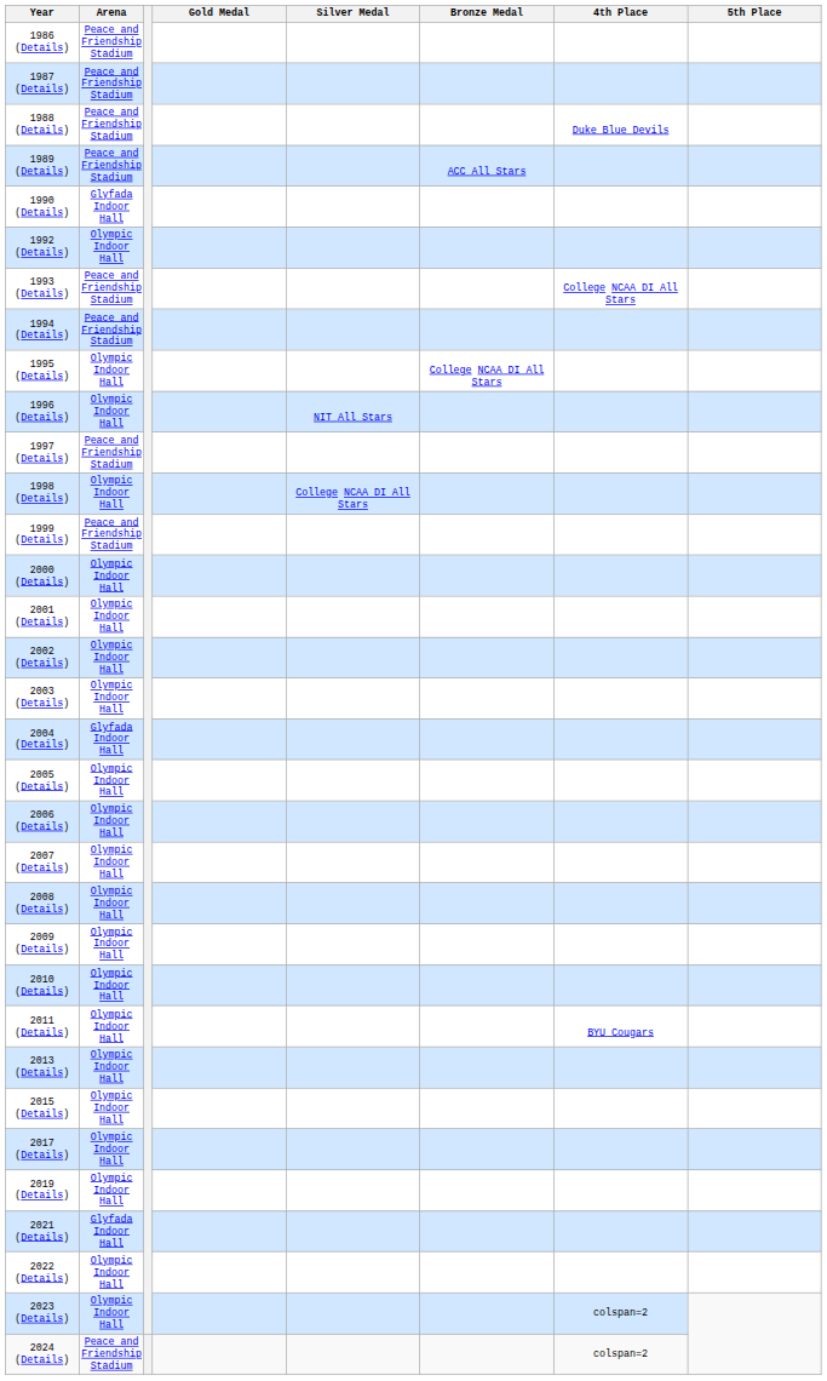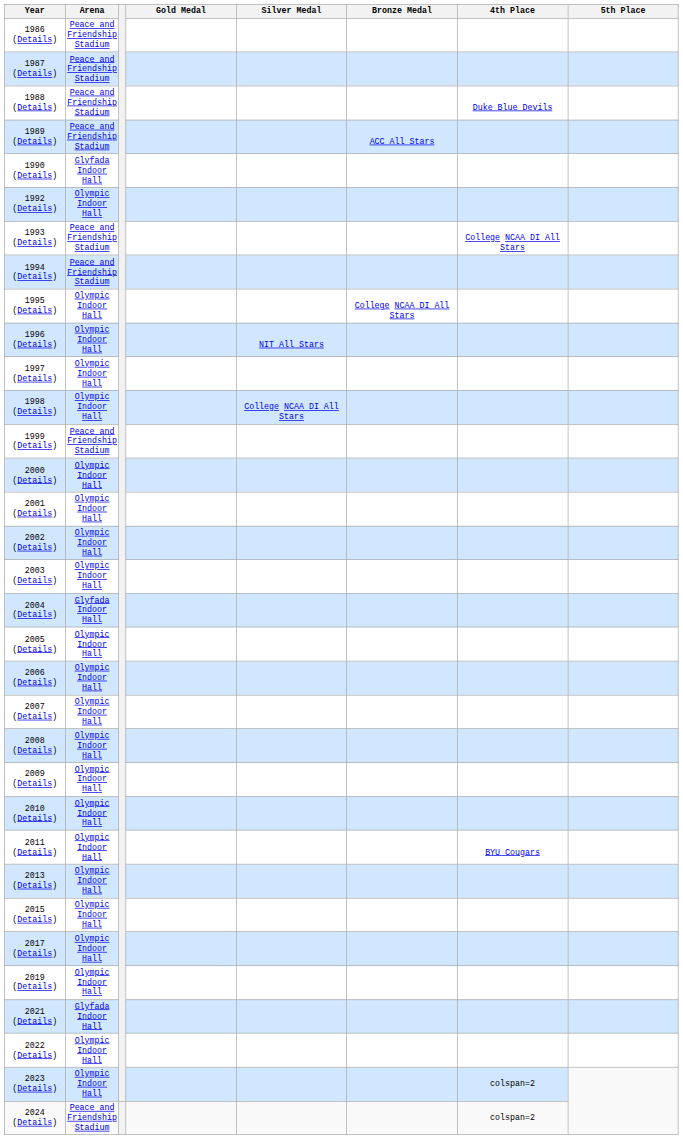 <table class=wikitable style="text-align:center; font-size:90%; ">
 <tr>
 <th width=80>Year</th>
 <th width=60>Arena</th>
 <th rowspan=33 width=1%></th>
 <th width=150>Gold Medal</th>
 <th width=150>Silver Medal</th>
 <th width=150>Bronze Medal</th>
 <th width=150>4th Place</th>
 <th width=150>5th Place</th>
 </tr>
 <tr bgcolor=white>
 <td style="text-align: center;">1986<br>(<a href='#'>Details</a>)</td>
 <td><a href='#'>Peace and Friendship Stadium</a></td>
 <td><strong></strong></td>
 <td></td>
 <td></td>
 <td></td>
 <td></td>
 </tr>
 <tr bgcolor=#D0E7FF>
 <td style="text-align: center;">1987<br>(<a href='#'>Details</a>)</td>
 <td><a href='#'>Peace and Friendship Stadium</a></td>
 <td><strong></strong></td>
 <td></td>
 <td></td>
 <td></td>
 <td></td>
 </tr>
 <tr bgcolor=white>
 <td style="text-align: center;">1988<br>(<a href='#'>Details</a>)</td>
 <td><a href='#'>Peace and Friendship Stadium</a></td>
 <td><strong></strong></td>
 <td></td>
 <td></td>
 <td><br><a href='#'>Duke Blue Devils</a></td>
 <td></td>
 </tr>
 <tr bgcolor=#D0E7FF>
 <td style="text-align: center;">1989<br>(<a href='#'>Details</a>)</td>
 <td><a href='#'>Peace and Friendship Stadium</a></td>
 <td><strong></strong></td>
 <td></td>
 <td><br><a href='#'>ACC All Stars</a></td>
 <td></td>
 <td></td>
 </tr>
 <tr bgcolor=white>
 <td style="text-align: center;">1990<br>(<a href='#'>Details</a>)</td>
 <td><a href='#'>Glyfada Indoor Hall</a></td>
 <td><strong></strong></td>
 <td></td>
 <td></td>
 <td></td>
 <td></td>
 </tr>
 <tr bgcolor=#D0E7FF>
 <td style="text-align: center;">1992<br>(<a href='#'>Details</a>)</td>
 <td><a href='#'>Olympic Indoor Hall</a></td>
 <td><strong></strong></td>
 <td></td>
 <td></td>
 <td></td>
 <td></td>
 </tr>
 <tr bgcolor=white>
 <td style="text-align: center;">1993<br>(<a href='#'>Details</a>)</td>
 <td><a href='#'>Peace and Friendship Stadium</a></td>
 <td><strong></strong></td>
 <td></td>
 <td></td>
 <td><br><a href='#'>College</a> <a href='#'>NCAA DI All Stars</a></td>
 <td></td>
 </tr>
 <tr bgcolor=#D0E7FF>
 <td style="text-align: center;">1994<br>(<a href='#'>Details</a>)</td>
 <td><a href='#'>Peace and Friendship Stadium</a></td>
 <td><strong></strong></td>
 <td></td>
 <td></td>
 <td></td>
 <td></td>
 </tr>
 <tr bgcolor=white>
 <td style="text-align: center;">1995<br>(<a href='#'>Details</a>)</td>
 <td><a href='#'>Olympic Indoor Hall</a></td>
 <td><strong></strong></td>
 <td></td>
 <td><br><a href='#'>College</a> <a href='#'>NCAA DI All Stars</a></td>
 <td></td>
 <td></td>
 </tr>
 <tr bgcolor=#D0E7FF>
 <td style="text-align: center;">1996<br>(<a href='#'>Details</a>)</td>
 <td><a href='#'>Olympic Indoor Hall</a></td>
 <td><strong></strong></td>
 <td><br><a href='#'>NIT All Stars</a></td>
 <td></td>
 <td></td>
 <td></td>
 </tr>
 <tr bgcolor=white>
 <td style="text-align: center;">1997<br>(<a href='#'>Details</a>)</td>
-<td><a href='#'>Peace and Friendship Stadium</a></td>
+<td><a href='#'>Olympic Indoor Hall</a></td>
 <td><strong></strong></td>
 <td></td>
 <td></td>
 <td></td>
 <td></td>
 </tr>
 <tr bgcolor=#D0E7FF>
 <td style="text-align: center;">1998<br>(<a href='#'>Details</a>)</td>
 <td><a href='#'>Olympic Indoor Hall</a></td>
 <td><strong></strong></td>
 <td><br><a href='#'>College</a> <a href='#'>NCAA DI All Stars</a></td>
 <td></td>
 <td></td>
 <td></td>
 </tr>
 <tr bgcolor=white>
 <td style="text-align: center;">1999<br>(<a href='#'>Details</a>)</td>
 <td><a href='#'>Peace and Friendship Stadium</a></td>
 <td><strong></strong></td>
 <td></td>
 <td></td>
 <td></td>
 <td></td>
 </tr>
 <tr bgcolor=#D0E7FF>
 <td style="text-align: center;">2000<br>(<a href='#'>Details</a>)</td>
 <td><a href='#'>Olympic Indoor Hall</a></td>
 <td><strong></strong></td>
 <td></td>
 <td></td>
 <td></td>
 <td></td>
 </tr>
 <tr bgcolor=white>
 <td style="text-align: center;">2001<br>(<a href='#'>Details</a>)</td>
 <td><a href='#'>Olympic Indoor Hall</a></td>
 <td><strong></strong></td>
 <td></td>
 <td></td>
 <td></td>
 <td></td>
 </tr>
 <tr bgcolor=#D0E7FF>
 <td style="text-align: center;">2002<br>(<a href='#'>Details</a>)</td>
 <td><a href='#'>Olympic Indoor Hall</a></td>
 <td><strong></strong></td>
 <td></td>
 <td></td>
 <td></td>
 <td></td>
 </tr>
 <tr bgcolor=white>
 <td style="text-align: center;">2003<br>(<a href='#'>Details</a>)</td>
 <td><a href='#'>Olympic Indoor Hall</a></td>
 <td><strong></strong></td>
 <td></td>
 <td></td>
 <td></td>
 <td></td>
 </tr>
 <tr bgcolor=#D0E7FF>
 <td style="text-align: center;">2004<br>(<a href='#'>Details</a>)</td>
 <td><a href='#'>Glyfada Indoor Hall</a></td>
 <td><strong></strong></td>
 <td></td>
 <td></td>
 <td></td>
 <td></td>
 </tr>
 <tr bgcolor=white>
 <td style="text-align: center;">2005<br>(<a href='#'>Details</a>)</td>
 <td><a href='#'>Olympic Indoor Hall</a></td>
 <td><strong></strong></td>
 <td></td>
 <td></td>
 <td></td>
 <td></td>
 </tr>
 <tr bgcolor=#D0E7FF>
 <td style="text-align: center;">2006<br>(<a href='#'>Details</a>)</td>
 <td><a href='#'>Olympic Indoor Hall</a></td>
 <td><strong></strong></td>
 <td></td>
 <td></td>
 <td></td>
 <td></td>
 </tr>
 <tr bgcolor=white>
 <td style="text-align: center;">2007<br>(<a href='#'>Details</a>)</td>
 <td><a href='#'>Olympic Indoor Hall</a></td>
 <td><strong></strong></td>
 <td></td>
 <td></td>
 <td></td>
 <td></td>
 </tr>
 <tr bgcolor=#D0E7FF>
 <td style="text-align: center;">2008<br>(<a href='#'>Details</a>)</td>
 <td><a href='#'>Olympic Indoor Hall</a></td>
 <td><strong></strong></td>
 <td></td>
 <td></td>
 <td></td>
 <td></td>
 </tr>
 <tr bgcolor=white>
 <td style="text-align: center;">2009<br>(<a href='#'>Details</a>)</td>
 <td><a href='#'>Olympic Indoor Hall</a></td>
 <td><strong></strong></td>
 <td></td>
 <td></td>
 <td></td>
 <td></td>
 </tr>
 <tr bgcolor=#D0E7FF>
 <td style="text-align: center;">2010<br>(<a href='#'>Details</a>)</td>
 <td><a href='#'>Olympic Indoor Hall</a></td>
 <td><strong></strong></td>
 <td></td>
 <td></td>
 <td></td>
 <td></td>
 </tr>
 <tr bgcolor=white>
 <td style="text-align: center;">2011<br>(<a href='#'>Details</a>)</td>
 <td><a href='#'>Olympic Indoor Hall</a></td>
 <td><strong></strong></td>
 <td></td>
 <td></td>
 <td><br><a href='#'>BYU Cougars</a></td>
 <td></td>
 </tr>
 <tr bgcolor=#D0E7FF>
 <td style="text-align: center;">2013<br>(<a href='#'>Details</a>)</td>
 <td><a href='#'>Olympic Indoor Hall</a></td>
 <td><strong></strong></td>
 <td></td>
 <td></td>
 <td></td>
 <td></td>
 </tr>
 <tr bgcolor=white>
 <td style="text-align: center;">2015<br>(<a href='#'>Details</a>)</td>
 <td><a href='#'>Olympic Indoor Hall</a></td>
 <td><strong></strong></td>
 <td></td>
 <td></td>
 <td></td>
 <td></td>
 </tr>
 <tr bgcolor=#D0E7FF>
 <td style="text-align: center;">2017<br>(<a href='#'>Details</a>)</td>
 <td><a href='#'>Olympic Indoor Hall</a></td>
 <td><strong></strong></td>
 <td></td>
 <td></td>
 <td></td>
 <td></td>
 </tr>
 <tr bgcolor=white>
 <td style="text-align: center;">2019<br>(<a href='#'>Details</a>)</td>
 <td><a href='#'>Olympic Indoor Hall</a></td>
 <td><strong></strong></td>
 <td></td>
 <td></td>
 <td></td>
 <td></td>
 </tr>
 <tr bgcolor=#D0E7FF>
 <td style="text-align: center;">2021<br>(<a href='#'>Details</a>)</td>
 <td><a href='#'>Glyfada Indoor Hall</a></td>
 <td><strong></strong></td>
 <td></td>
 <td></td>
 <td></td>
 <td></td>
 </tr>
 <tr bgcolor=white>
 <td style="text-align: center;">2022<br>(<a href='#'>Details</a>)</td>
 <td><a href='#'>Olympic Indoor Hall</a></td>
 <td><strong></strong></td>
 <td></td>
 <td></td>
 <td></td>
 <td></td>
 </tr>
 <tr bgcolor=#D0E7FF>
 <td style="text-align: center;">2023<br>(<a href='#'>Details</a>)</td>
 <td><a href='#'>Olympic Indoor Hall</a></td>
 <td><strong></strong></td>
 <td></td>
 <td></td>
 <td>colspan=2 </td>
 </tr>
 <tr>
 <td>2024<br>(<a href='#'>Details</a>)</td>
 <td><a href='#'>Peace and Friendship Stadium</a></td>
 <th></th>
 <td><strong></strong></td>
 <td></td>
 <td></td>
 <td>colspan=2 </td>
 </tr>
 </table>
